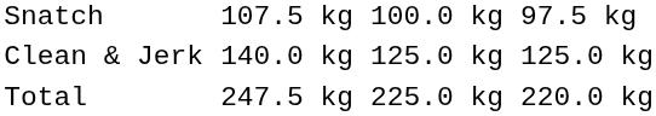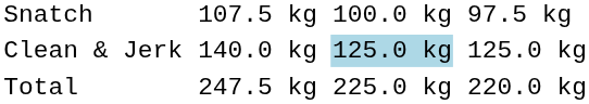 <table>
 <tr>
 <td>Snatch</td>
 <td></td>
 <td>107.5 kg</td>
 <td></td>
 <td>100.0 kg</td>
 <td></td>
 <td>97.5 kg</td>
 </tr>
 <tr>
 <td>Clean & Jerk</td>
 <td></td>
 <td>140.0 kg</td>
 <td></td>
-<td>125.0 kg</td>
+<td style="background: lightblue;">125.0 kg</td>
 <td></td>
 <td>125.0 kg</td>
 </tr>
 <tr>
 <td>Total</td>
 <td></td>
 <td>247.5 kg</td>
 <td></td>
 <td>225.0 kg</td>
 <td></td>
 <td>220.0 kg</td>
 </tr>
 </table>
